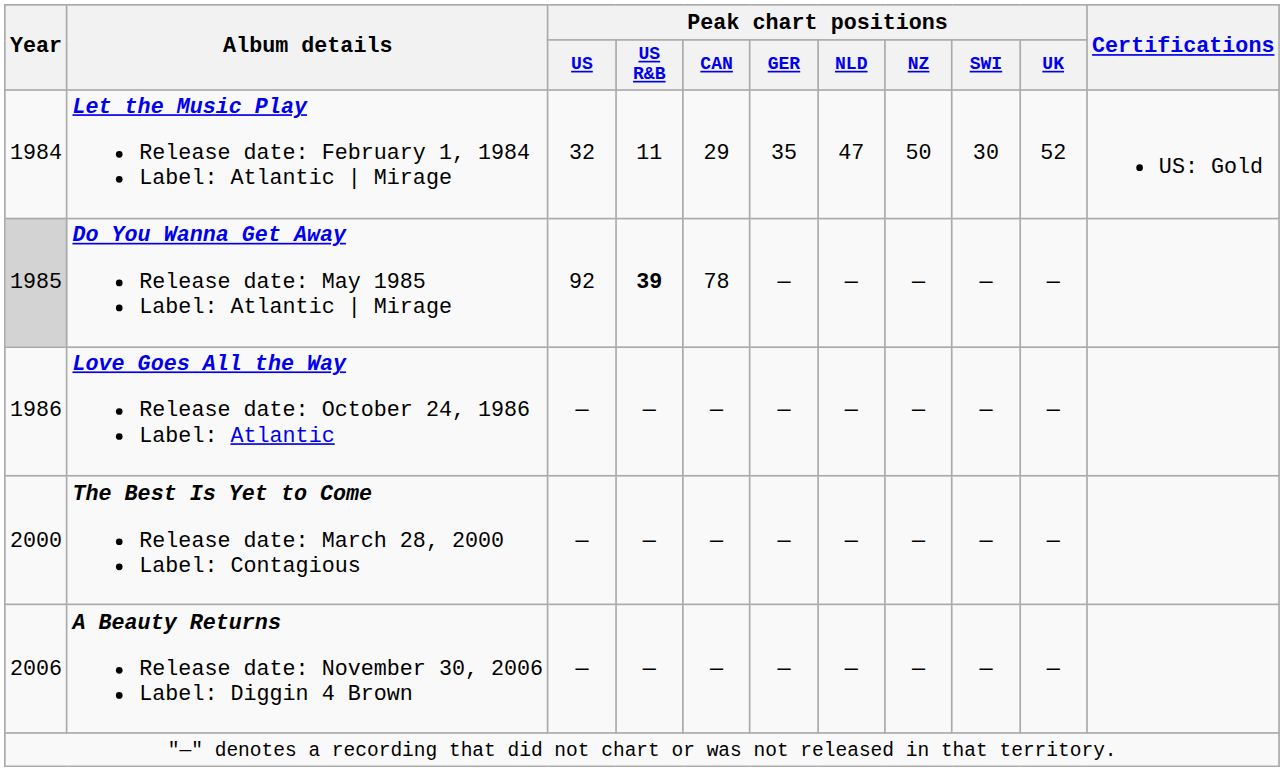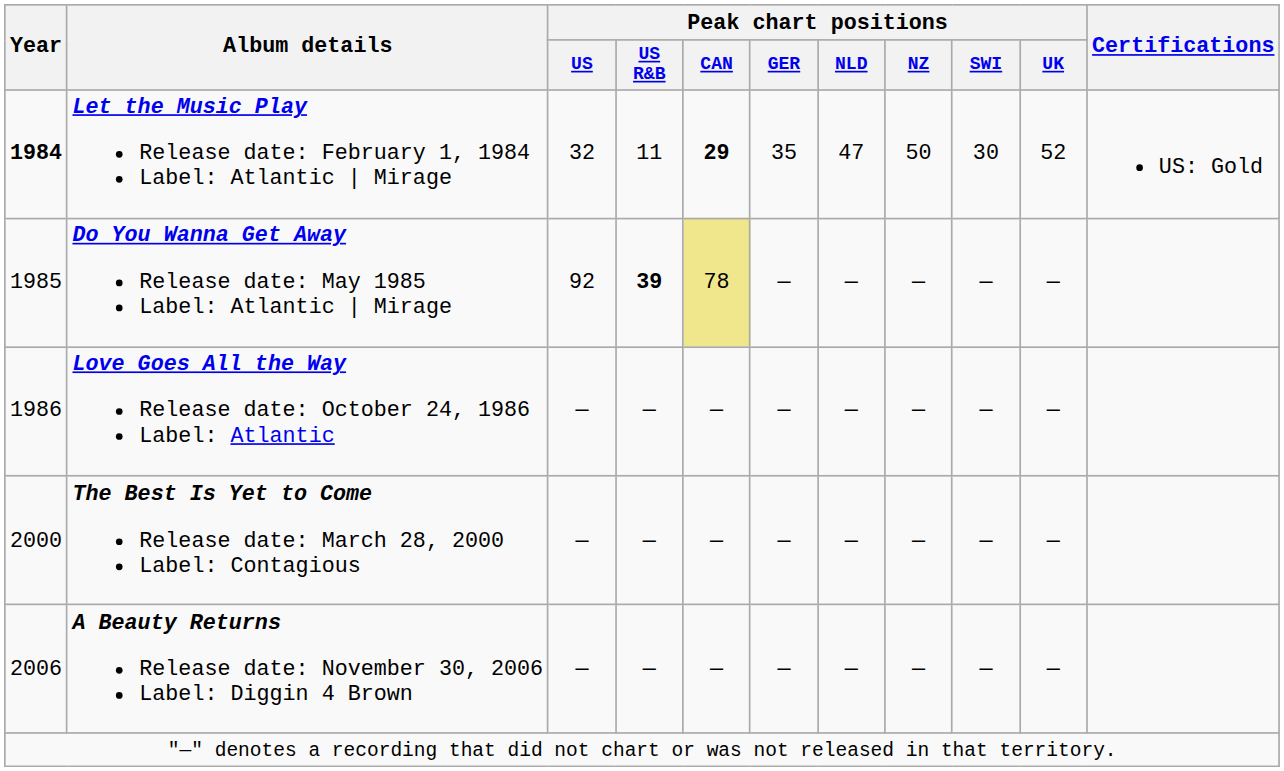 <table class="wikitable" style="text-align:center;">
 <tr>
 <th rowspan="2">Year</th>
 <th rowspan="2">Album details</th>
 <th colspan="8">Peak chart positions</th>
 <th rowspan="2"><a href='#'>Certifications</a></th>
 </tr>
 <tr style="font-size:smaller;">
 <th style="width:35px;"><a href='#'>US</a><br></th>
 <th style="width:35px;"><a href='#'>US<br>R&B</a><br></th>
 <th style="width:35px;"><a href='#'>CAN</a><br></th>
 <th style="width:35px;"><a href='#'>GER</a><br></th>
 <th style="width:35px;"><a href='#'>NLD</a><br></th>
 <th style="width:35px;"><a href='#'>NZ</a><br></th>
 <th style="width:35px;"><a href='#'>SWI</a><br></th>
 <th style="width:35px;"><a href='#'>UK</a><br></th>
 </tr>
 <tr>
-<td>1984</td>
+<td><strong>1984</strong></td>
 <td style="text-align:left;"><strong><em><a href='#'>Let the Music Play</a></em></strong><br><ul><li>Release date: February 1, 1984</li><li>Label: Atlantic | Mirage</li></ul></td>
 <td>32</td>
 <td>11</td>
-<td>29</td>
+<td><strong>29</strong></td>
 <td>35</td>
 <td>47</td>
 <td>50</td>
 <td>30</td>
 <td>52</td>
 <td align=left><br><ul><li>US: Gold</li></ul></td>
 </tr>
 <tr>
-<td style="background: lightgrey;">1985</td>
+<td>1985</td>
 <td style="text-align:left;"><strong><em><a href='#'>Do You Wanna Get Away</a></em></strong><br><ul><li>Release date: May 1985</li><li>Label: Atlantic | Mirage</li></ul></td>
 <td>92</td>
 <td><strong>39</strong></td>
-<td>78</td>
+<td style="background: khaki;">78</td>
 <td>—</td>
 <td>—</td>
 <td>—</td>
 <td>—</td>
 <td>—</td>
 <td align=left></td>
 </tr>
 <tr>
 <td>1986</td>
 <td style="text-align:left;"><strong><em><a href='#'>Love Goes All the Way</a></em></strong><br><ul><li>Release date: October 24, 1986</li><li>Label: <a href='#'>Atlantic</a></li></ul></td>
 <td>—</td>
 <td>—</td>
 <td>—</td>
 <td>—</td>
 <td>—</td>
 <td>—</td>
 <td>—</td>
 <td>—</td>
 <td align=left></td>
 </tr>
 <tr>
 <td>2000</td>
 <td style="text-align:left;"><strong><em>The Best Is Yet to Come</em></strong><br><ul><li>Release date: March 28, 2000</li><li>Label: Contagious</li></ul></td>
 <td>—</td>
 <td>—</td>
 <td>—</td>
 <td>—</td>
 <td>—</td>
 <td>—</td>
 <td>—</td>
 <td>—</td>
 <td align=left></td>
 </tr>
 <tr>
 <td>2006</td>
 <td style="text-align:left;"><strong><em>A Beauty Returns</em></strong><br><ul><li>Release date: November 30, 2006</li><li>Label: Diggin 4 Brown</li></ul></td>
 <td>—</td>
 <td>—</td>
 <td>—</td>
 <td>—</td>
 <td>—</td>
 <td>—</td>
 <td>—</td>
 <td>—</td>
 <td align=left></td>
 </tr>
 <tr>
 <td colspan="15" style="font-size:90%">"—" denotes a recording that did not chart or was not released in that territory.</td>
 </tr>
 </table>
